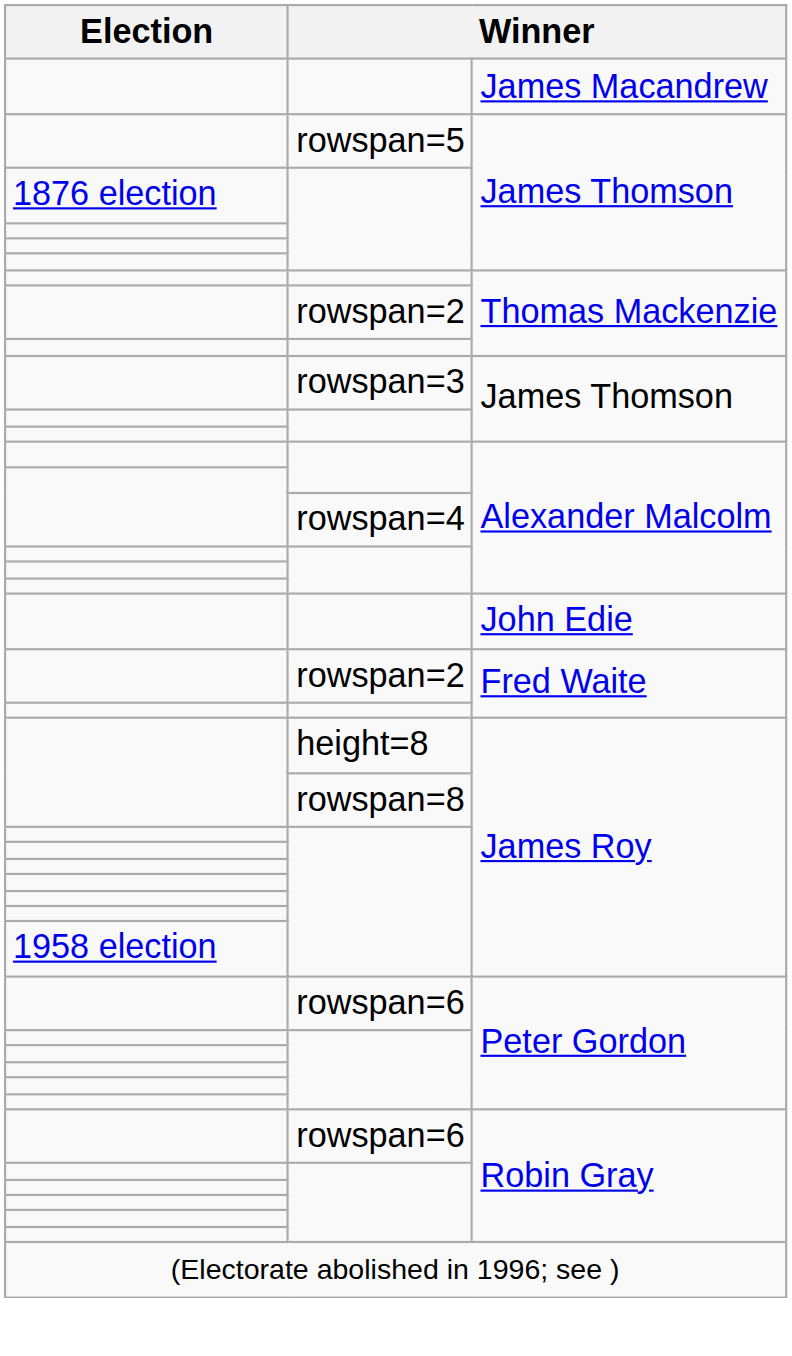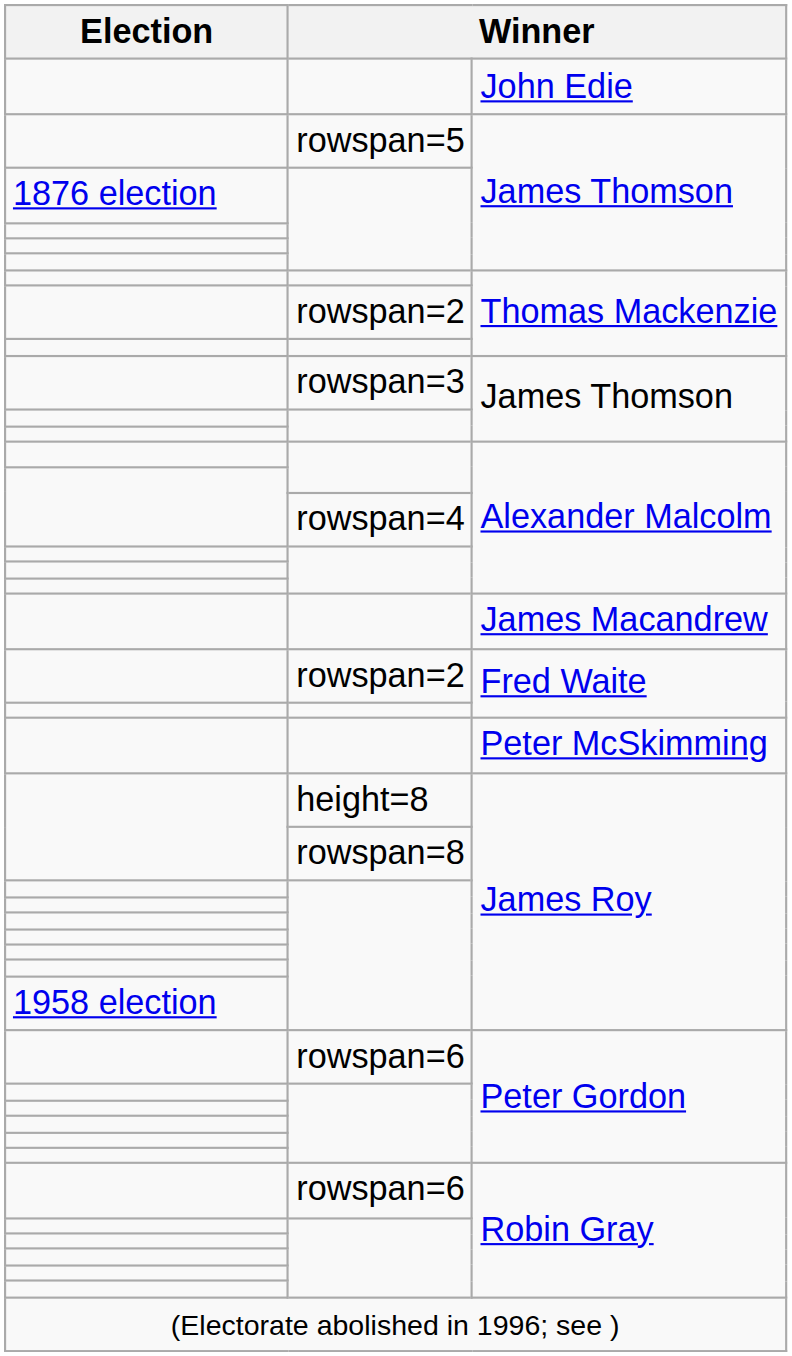 <table class=wikitable>
 <tr>
 <th width=125>Election</th>
 <th width=175 colspan=2>Winner</th>
 </tr>
 <tr>
 <td></td>
 <td></td>
-<td><a href='#'>James Macandrew</a></td>
+<td><a href='#'>John Edie</a></td>
 </tr>
 <tr>
 <td></td>
 <td>rowspan=5 </td>
 <td rowspan=5><a href='#'>James Thomson</a></td>
 </tr>
 <tr>
 <td><a href='#'>1876 election</a></td>
 </tr>
 <tr>
 <td></td>
 </tr>
 <tr>
 <td></td>
 </tr>
 <tr>
 <td></td>
 </tr>
 <tr>
 <td></td>
 <td></td>
 <td rowspan=3><a href='#'>Thomas Mackenzie</a></td>
 </tr>
 <tr>
 <td></td>
 <td>rowspan=2 </td>
 </tr>
 <tr>
 <td></td>
 </tr>
 <tr>
 <td></td>
 <td>rowspan=3  </td>
 <td rowspan=3>James Thomson</td>
 </tr>
 <tr>
 <td></td>
 </tr>
 <tr>
 <td></td>
 </tr>
 <tr>
 <td></td>
 <td height=5 style="border-bottom:solid 0 grey; background:"></td>
 <td rowspan=6><a href='#'>Alexander Malcolm</a></td>
 </tr>
 <tr>
 <td rowspan=2></td>
 <td height=5 style="border-top:solid 0 grey; background:"></td>
 </tr>
 <tr>
 <td>rowspan=4 </td>
 </tr>
 <tr>
 <td></td>
 </tr>
 <tr>
 <td></td>
 </tr>
 <tr>
 <td></td>
 </tr>
 <tr>
 <td></td>
 <td></td>
-<td><a href='#'>John Edie</a></td>
+<td><a href='#'>James Macandrew</a></td>
 </tr>
 <tr>
 <td></td>
 <td>rowspan=2 </td>
 <td rowspan=2><a href='#'>Fred Waite</a></td>
 </tr>
 <tr>
 <td></td>
+</tr>
+<tr>
+<td></td>
+<td></td>
+<td><a href='#'>Peter McSkimming</a></td>
 </tr>
 <tr>
 <td rowspan=2></td>
 <td>height=8 </td>
 <td rowspan=9><a href='#'>James Roy</a></td>
 </tr>
 <tr>
 <td>rowspan=8 </td>
 </tr>
 <tr>
 <td></td>
 </tr>
 <tr>
 <td></td>
 </tr>
 <tr>
 <td></td>
 </tr>
 <tr>
 <td></td>
 </tr>
 <tr>
 <td></td>
 </tr>
 <tr>
 <td></td>
 </tr>
 <tr>
 <td><a href='#'>1958 election</a></td>
 </tr>
 <tr>
 <td></td>
 <td>rowspan=6 </td>
 <td rowspan=6><a href='#'>Peter Gordon</a></td>
 </tr>
 <tr>
 <td></td>
 </tr>
 <tr>
 <td></td>
 </tr>
 <tr>
 <td></td>
 </tr>
 <tr>
 <td></td>
 </tr>
 <tr>
 <td></td>
 </tr>
 <tr>
 <td></td>
 <td>rowspan=6 </td>
 <td rowspan=6><a href='#'>Robin Gray</a></td>
 </tr>
 <tr>
 <td></td>
 </tr>
 <tr>
 <td></td>
 </tr>
 <tr>
 <td></td>
 </tr>
 <tr>
 <td></td>
 </tr>
 <tr>
 <td></td>
 </tr>
 <tr>
 <td colspan=3 align=center><small>(Electorate abolished in 1996; see )</small></td>
 </tr>
 </table>
